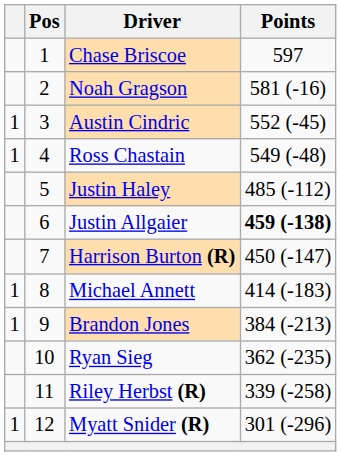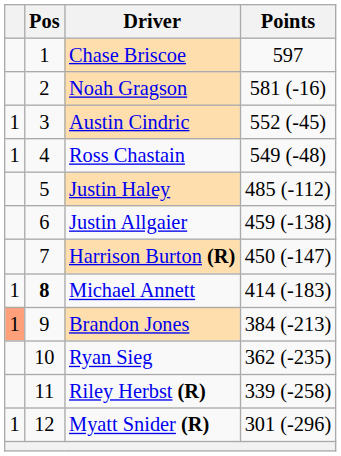 <table class="wikitable" style="font-size: 95%;">
 <tr>
 <th></th>
 <th>Pos</th>
 <th>Driver</th>
 <th>Points</th>
 </tr>
 <tr>
 <td align="left"></td>
 <td style="text-align:center;">1</td>
 <td style="background:#FFDEAD;"><a href='#'>Chase Briscoe</a></td>
 <td style="text-align:center;">597</td>
 </tr>
 <tr>
 <td align="left"></td>
 <td style="text-align:center;">2</td>
 <td style="background:#FFDEAD;"><a href='#'>Noah Gragson</a></td>
 <td style="text-align:center;">581 (-16)</td>
 </tr>
 <tr>
 <td align="left"> 1</td>
 <td style="text-align:center;">3</td>
 <td style="background:#FFDEAD;"><a href='#'>Austin Cindric</a></td>
 <td style="text-align:center;">552 (-45)</td>
 </tr>
 <tr>
 <td align="left"> 1</td>
 <td style="text-align:center;">4</td>
 <td><a href='#'>Ross Chastain</a></td>
 <td style="text-align:center;">549 (-48)</td>
 </tr>
 <tr>
 <td align="left"></td>
 <td style="text-align:center;">5</td>
 <td style="background:#FFDEAD;"><a href='#'>Justin Haley</a></td>
 <td style="text-align:center;">485 (-112)</td>
 </tr>
 <tr>
 <td align="left"></td>
 <td style="text-align:center;">6</td>
 <td><a href='#'>Justin Allgaier</a></td>
-<td style="text-align:center;"><strong>459 (-138)</strong></td>
+<td style="text-align:center;">459 (-138)</td>
 </tr>
 <tr>
 <td align="left"></td>
 <td style="text-align:center;">7</td>
 <td style="background:#FFDEAD;"><a href='#'>Harrison Burton</a> <strong>(R)</strong></td>
 <td style="text-align:center;">450 (-147)</td>
 </tr>
 <tr>
 <td align="left"> 1</td>
-<td style="text-align:center;">8</td>
+<td style="text-align:center;"><strong>8</strong></td>
 <td><a href='#'>Michael Annett</a></td>
 <td style="text-align:center;">414 (-183)</td>
 </tr>
 <tr>
-<td align="left"> 1</td>
+<td align="left" style="background: lightsalmon;"> 1</td>
 <td style="text-align:center;">9</td>
 <td style="background:#FFDEAD;"><a href='#'>Brandon Jones</a></td>
 <td style="text-align:center;">384 (-213)</td>
 </tr>
 <tr>
 <td align="left"></td>
 <td style="text-align:center;">10</td>
 <td><a href='#'>Ryan Sieg</a></td>
 <td style="text-align:center;">362 (-235)</td>
 </tr>
 <tr>
 <td align="left"></td>
 <td style="text-align:center;">11</td>
 <td><a href='#'>Riley Herbst</a> <strong>(R)</strong></td>
 <td style="text-align:center;">339 (-258)</td>
 </tr>
 <tr>
 <td align="left"> 1</td>
 <td style="text-align:center;">12</td>
 <td><a href='#'>Myatt Snider</a> <strong>(R)</strong></td>
 <td style="text-align:center;">301 (-296)</td>
 </tr>
 <tr class="sortbottom">
 <th colspan="4"></th>
 </tr>
 </table>
